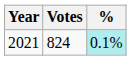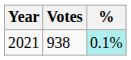 <table class="wikitable" style="display: inline-table;">
 <tr>
 <th>Year</th>
 <th>Votes</th>
 <th>%</th>
 </tr>
 <tr>
 <td>2021</td>
-<td>824</td>
+<td>938</td>
 <td style="background: paleturquoise;">0.1%</td>
 </tr>
 </table>
